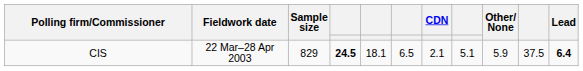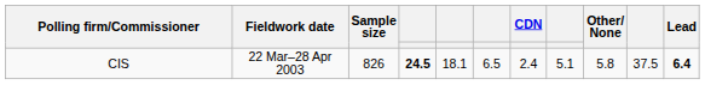 <table class="wikitable collapsible collapsed" style="text-align:center; font-size:90%; line-height:14px;">
 <tr style="height:42px;">
 <th style="width:250px;" rowspan="2">Polling firm/Commissioner</th>
 <th style="width:125px;" rowspan="2">Fieldwork date</th>
 <th style="width:50px;" rowspan="2">Sample size</th>
 <th style="width:35px;"></th>
 <th style="width:35px;"></th>
 <th style="width:35px;"></th>
 <th style="width:35px;"><a href='#'>CDN</a></th>
 <th style="width:35px;"></th>
 <th style="width:35px;" rowspan="2">Other/<br>None</th>
 <th style="width:35px;" rowspan="2"></th>
 <th style="width:30px;" rowspan="2">Lead</th>
 </tr>
 <tr>
 <th style="color:inherit;background:"></th>
 <th style="color:inherit;background:"></th>
 <th style="color:inherit;background:"></th>
 <th style="color:inherit;background:"></th>
 <th style="color:inherit;background:"></th>
 </tr>
 <tr>
 <td>CIS</td>
 <td>22 Mar–28 Apr 2003</td>
-<td>829</td>
+<td>826</td>
 <td><strong>24.5</strong></td>
 <td>18.1</td>
 <td>6.5</td>
-<td>2.1</td>
+<td>2.4</td>
 <td>5.1</td>
-<td>5.9</td>
+<td>5.8</td>
 <td>37.5</td>
 <td style="background:"><strong>6.4</strong></td>
 </tr>
 </table>
